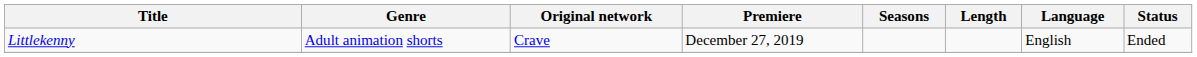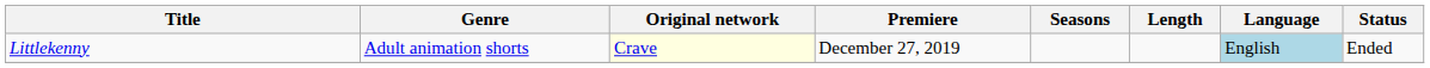 <table class="wikitable sortable" style="width:100%;">
 <tr>
 <th scope="col" style="width:25%;">Title</th>
 <th>Genre</th>
 <th>Original network</th>
 <th>Premiere</th>
 <th>Seasons</th>
 <th>Length</th>
 <th>Language</th>
 <th>Status</th>
 </tr>
 <tr>
 <td><em><a href='#'>Littlekenny</a></em></td>
 <td><a href='#'>Adult animation</a> <a href='#'>shorts</a></td>
-<td><a href='#'>Crave</a></td>
+<td style="background: lightyellow;"><a href='#'>Crave</a></td>
 <td>December 27, 2019</td>
 <td></td>
 <td></td>
-<td>English</td>
+<td style="background: lightblue;">English</td>
 <td>Ended</td>
 </tr>
 <tr>
 </tr>
 </table>
